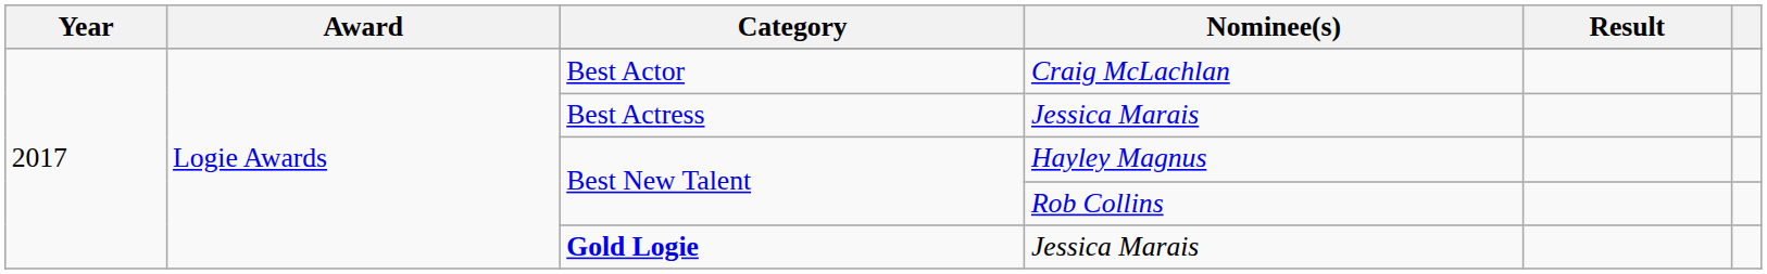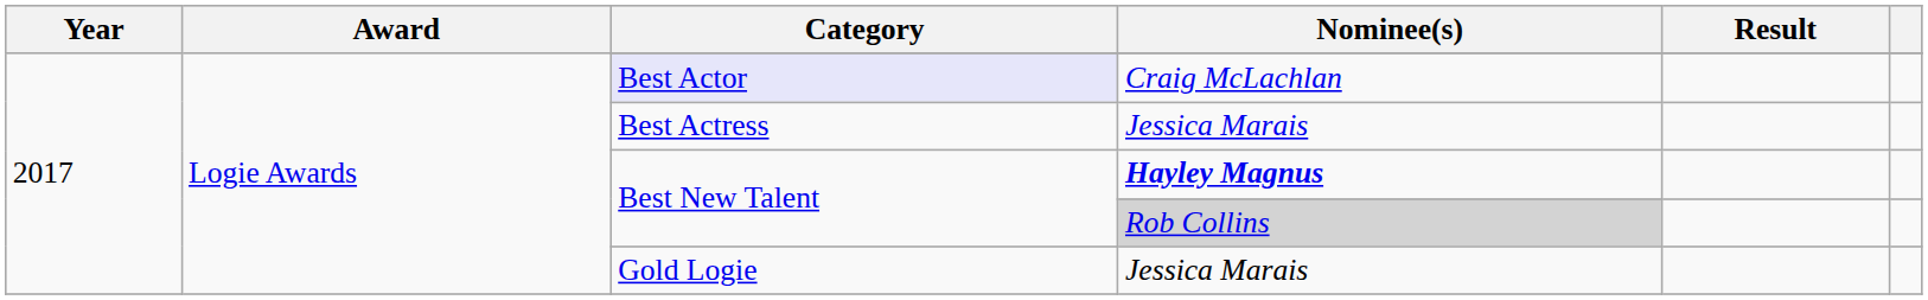 <table class="wikitable sortable plainrowheaders" style="width:80%;">
 <tr>
 <th>Year</th>
 <th>Award</th>
 <th>Category</th>
 <th>Nominee(s)</th>
 <th>Result</th>
 <th scope="col" class="unsortable"></th>
 </tr>
 <tr>
 <td rowspan="6">2017</td>
 <td rowspan="6"><a href='#'>Logie Awards</a></td>
 </tr>
 <tr>
-<td><a href='#'>Best Actor</a></td>
+<td style="background: lavender;"><a href='#'>Best Actor</a></td>
 <td><em><a href='#'>Craig McLachlan</a></em></td>
 <td></td>
 <td style="text-align:center;"></td>
 </tr>
 <tr>
 <td><a href='#'>Best Actress</a></td>
 <td><em><a href='#'>Jessica Marais</a></em></td>
 <td></td>
 <td style="text-align:center;"></td>
 </tr>
 <tr>
 <td rowspan="2"><a href='#'>Best New Talent</a></td>
-<td><em><a href='#'>Hayley Magnus</a></em></td>
+<td><strong><em><a href='#'>Hayley Magnus</a></em></strong></td>
 <td></td>
 <td style="text-align:center;"></td>
 </tr>
 <tr>
-<td><em><a href='#'>Rob Collins</a></em></td>
+<td style="background: lightgrey;"><em><a href='#'>Rob Collins</a></em></td>
 <td></td>
 <td style="text-align:center;"></td>
 </tr>
 <tr>
-<td><strong><a href='#'>Gold Logie</a></strong></td>
+<td><a href='#'>Gold Logie</a></td>
 <td><em>Jessica Marais</em></td>
 <td></td>
 <td style="text-align:center;"></td>
 </tr>
 </table>
